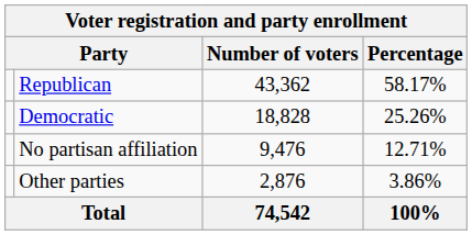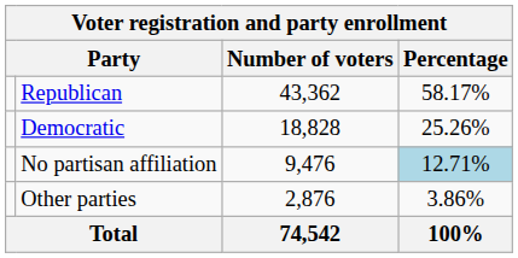 <table class="wikitable float">
 <tr>
 <th colspan = 6>Voter registration and party enrollment</th>
 </tr>
 <tr>
 <th colspan = 2>Party</th>
 <th>Number of voters</th>
 <th>Percentage</th>
 </tr>
 <tr>
 <td></td>
 <td><a href='#'>Republican</a></td>
 <td style="text-align:center;">43,362</td>
 <td style="text-align:center;">58.17%</td>
 </tr>
 <tr>
 <td></td>
 <td><a href='#'>Democratic</a></td>
 <td style="text-align:center;">18,828</td>
 <td style="text-align:center;">25.26%</td>
 </tr>
 <tr>
 <td></td>
 <td>No partisan affiliation</td>
 <td style="text-align:center;">9,476</td>
-<td style="text-align:center;">12.71%</td>
+<td style="background: lightblue; text-align:center;">12.71%</td>
 </tr>
 <tr>
 <td></td>
 <td>Other parties</td>
 <td style="text-align:center;">2,876</td>
 <td style="text-align:center;">3.86%</td>
 </tr>
 <tr>
 <th colspan="2">Total</th>
 <th style="text-align:center;">74,542</th>
 <th style="text-align:center;">100%</th>
 </tr>
 </table>
